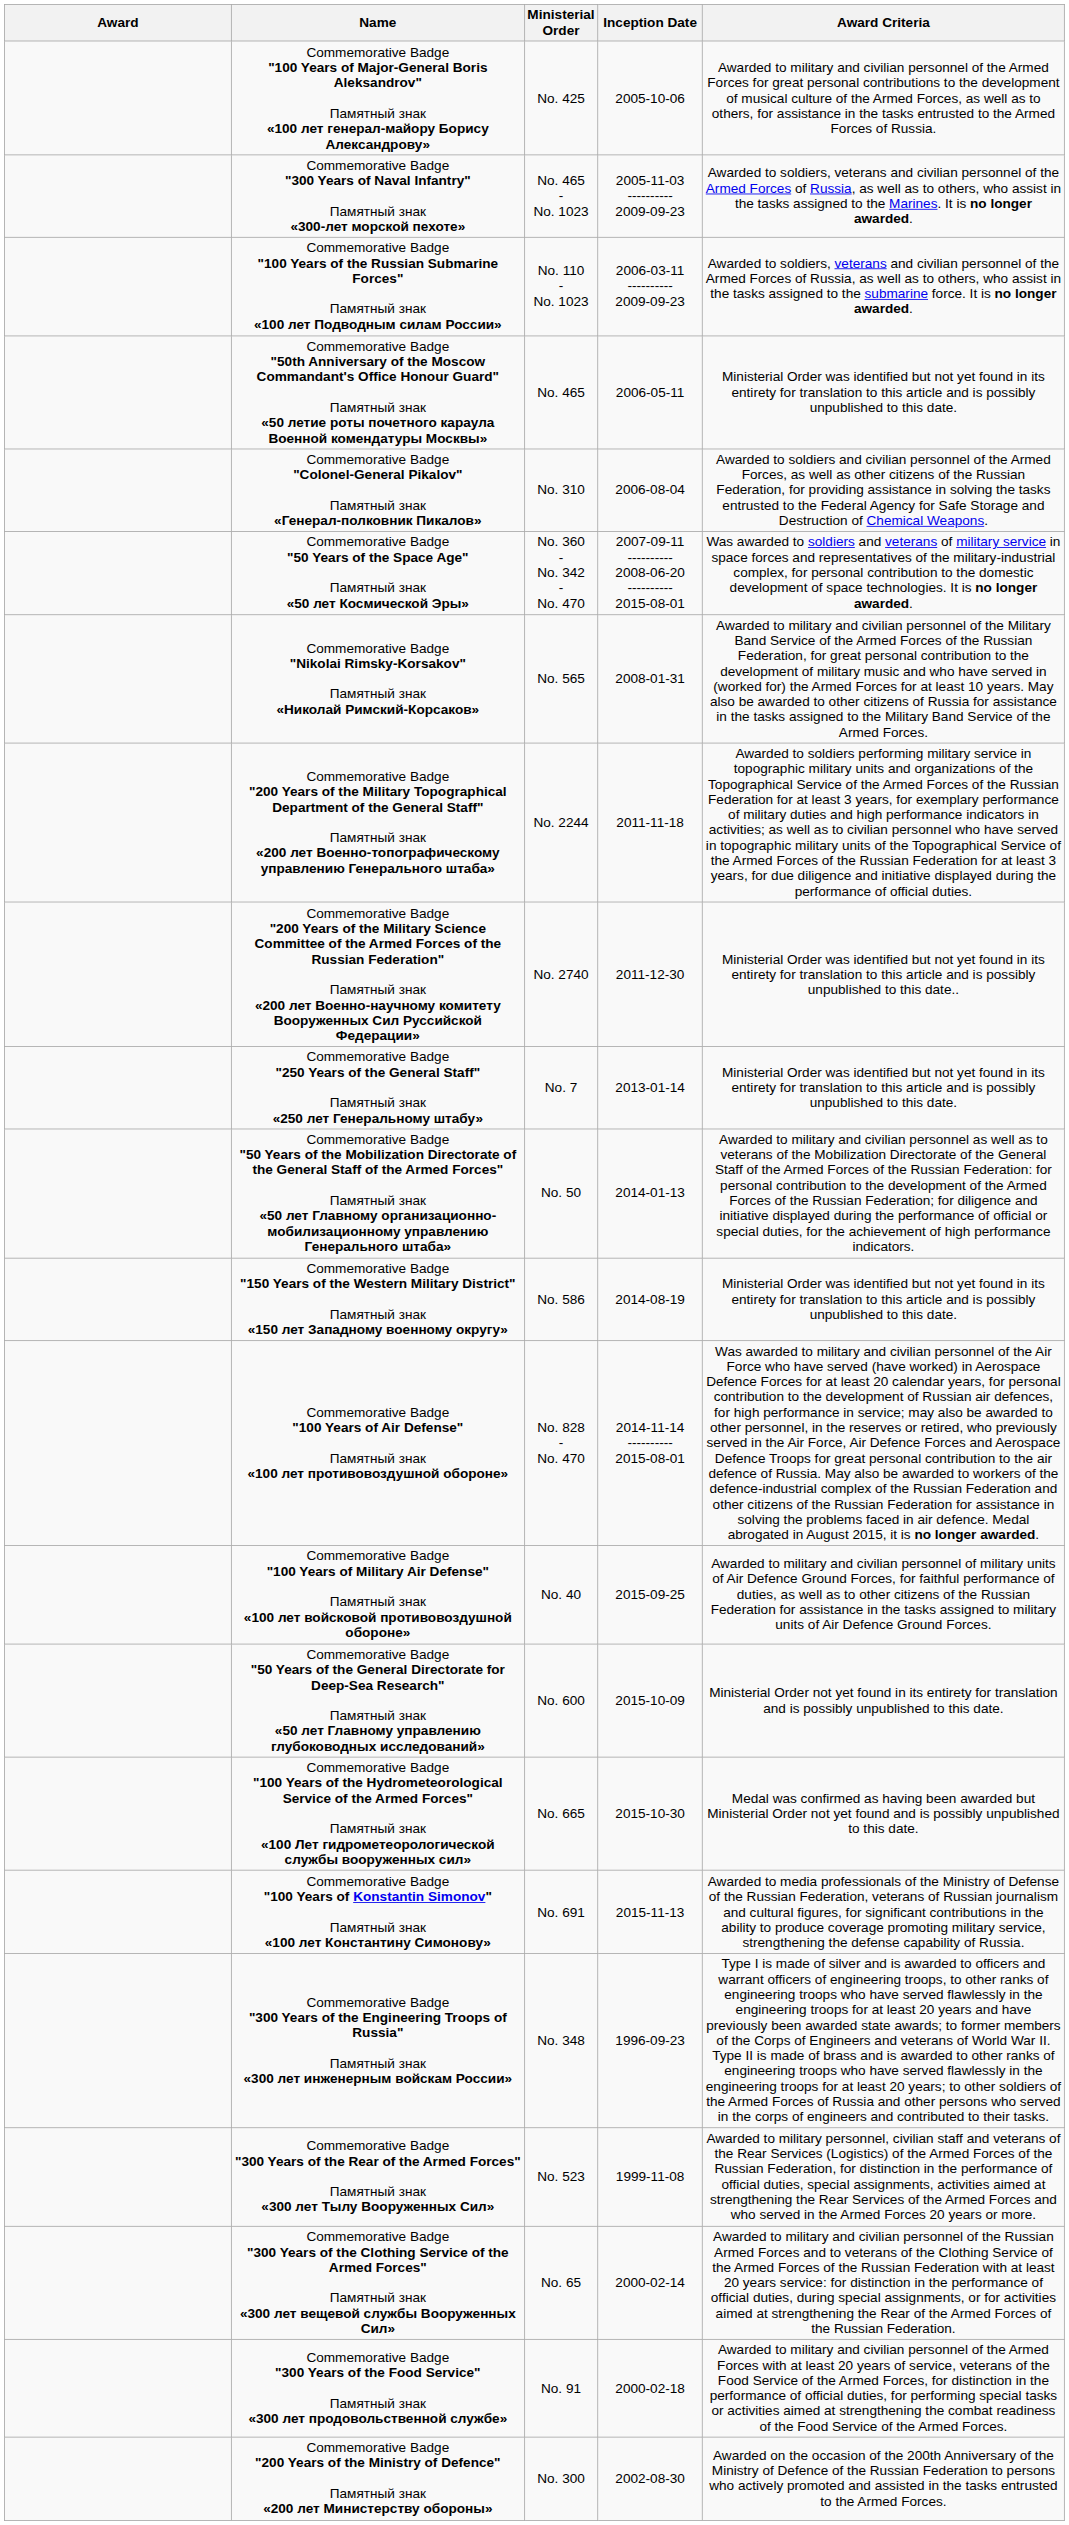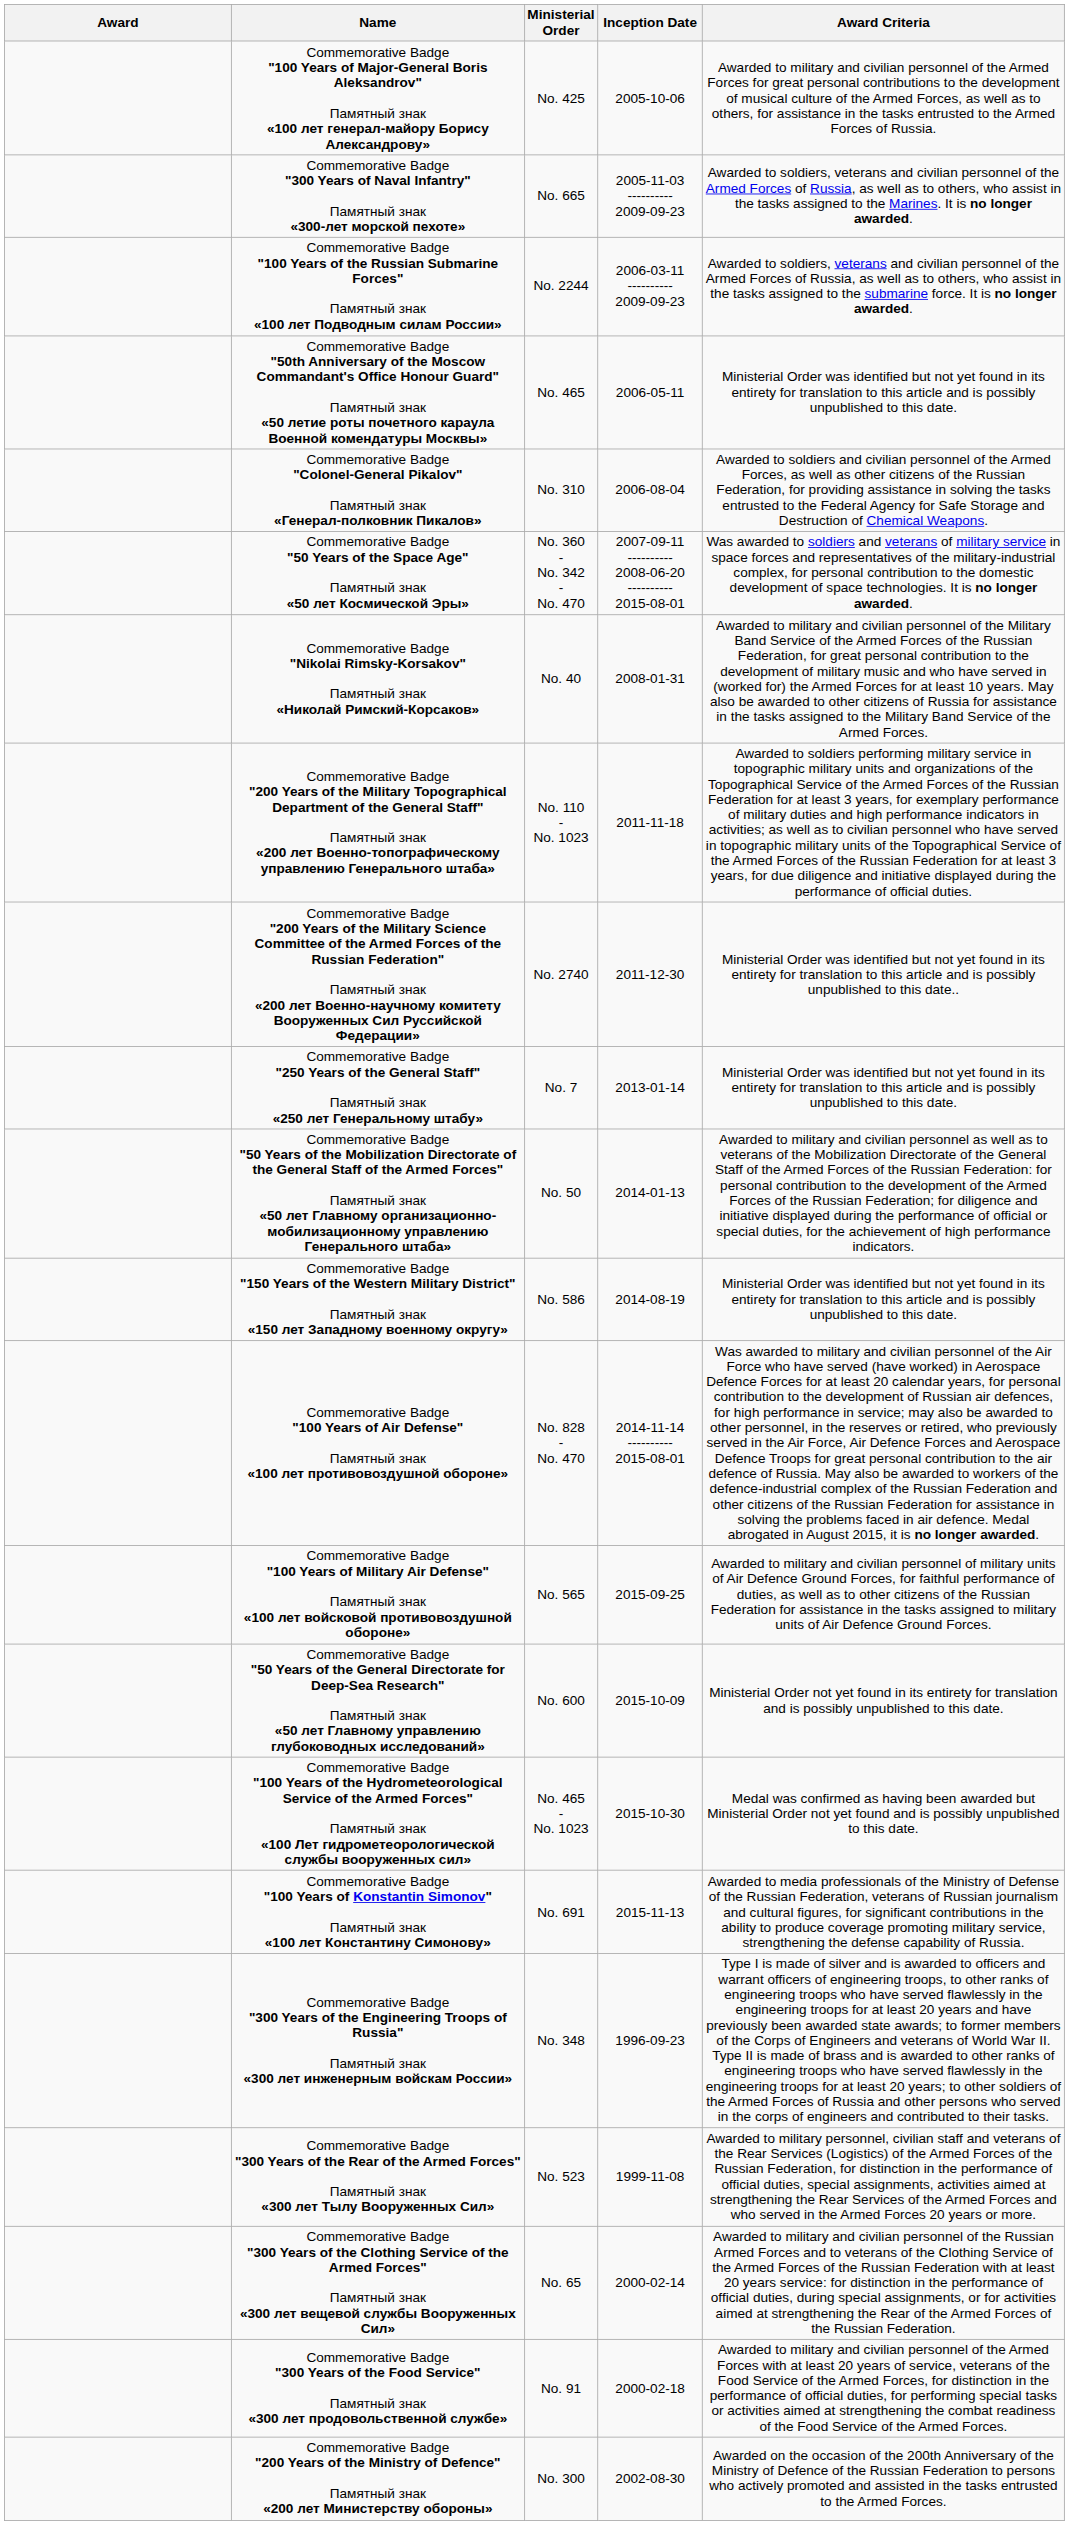 <table class="wikitable sortable" style="text-align:center">
 <tr>
 <th style="width:22%">Award</th>
 <th style="width:28%">Name </th>
 <th>Ministerial Order</th>
 <th style="width:10%">Inception Date</th>
 <th style="width:35%">Award Criteria</th>
 </tr>
 <tr>
 <td><br></td>
 <td>Commemorative Badge<br><strong>"100 Years of Major-General Boris Aleksandrov"</strong><br><br>Памятный знак<br><strong>«100 лет генерал-майору Борису Александрову»</strong></td>
 <td>No. 425</td>
 <td>2005-10-06</td>
 <td>Awarded to military and civilian personnel of the Armed Forces for great personal contributions to the development of musical culture of the Armed Forces, as well as to others, for assistance in the tasks entrusted to the Armed Forces of Russia.</td>
 </tr>
 <tr>
 <td><br></td>
 <td>Commemorative Badge<br><strong>"300 Years of Naval Infantry"</strong><br><br>Памятный знак<br><strong>«300-лет морской пехоте»</strong></td>
-<td>No. 465<br>-<br>No. 1023</td>
+<td>No. 665</td>
 <td>2005-11-03<br>----------<br>2009-09-23</td>
 <td>Awarded to soldiers, veterans and civilian personnel of the <a href='#'>Armed Forces</a> of <a href='#'>Russia</a>, as well as to others, who assist in the tasks assigned to the <a href='#'>Marines</a>. It is <strong>no longer awarded</strong>.</td>
 </tr>
 <tr>
 <td><br></td>
 <td>Commemorative Badge<br><strong>"100 Years of the Russian Submarine Forces"</strong><br><br>Памятный знак<br><strong>«100 лет Подводным силам России»</strong></td>
-<td>No. 110<br>-<br>No. 1023</td>
+<td>No. 2244</td>
 <td>2006-03-11<br>----------<br>2009-09-23</td>
 <td>Awarded to soldiers, <a href='#'>veterans</a> and civilian personnel of the Armed Forces of Russia, as well as to others, who assist in the tasks assigned to the <a href='#'>submarine</a> force. It is <strong>no longer awarded</strong>.</td>
 </tr>
 <tr>
 <td><br></td>
 <td>Commemorative Badge<br><strong>"50th Anniversary of the Moscow Commandant's Office Honour Guard"</strong><br><br>Памятный знак<br><strong>«50 летие роты почетного караула Военной комендатуры Москвы»</strong></td>
 <td>No. 465</td>
 <td>2006-05-11</td>
 <td>Ministerial Order was identified but not yet found in its entirety for translation to this article and is possibly unpublished to this date.</td>
 </tr>
 <tr>
 <td><br></td>
 <td>Commemorative Badge<br><strong>"Colonel-General Pikalov"</strong><br><br>Памятный знак<br><strong>«Генерал-полковник Пикалов»</strong></td>
 <td>No. 310</td>
 <td>2006-08-04</td>
 <td>Awarded to soldiers and civilian personnel of the Armed Forces, as well as other citizens of the Russian Federation, for providing assistance in solving the tasks entrusted to the Federal Agency for Safe Storage and Destruction of <a href='#'>Chemical Weapons</a>.</td>
 </tr>
 <tr>
 <td><br></td>
 <td>Commemorative Badge<br><strong>"50 Years of the Space Age"</strong><br><br>Памятный знак<br><strong>«50 лет Космической Эры»</strong></td>
 <td>No. 360<br>-<br>No. 342<br>-<br>No. 470</td>
 <td>2007-09-11<br>----------<br>2008-06-20<br>----------<br>2015-08-01</td>
 <td>Was awarded to <a href='#'>soldiers</a> and <a href='#'>veterans</a> of <a href='#'>military service</a> in space forces and representatives of the military-industrial complex, for personal contribution to the domestic development of space technologies. It is <strong>no longer awarded</strong>.</td>
 </tr>
 <tr>
 <td><br></td>
 <td>Commemorative Badge<br><strong>"Nikolai Rimsky-Korsakov"</strong><br><br>Памятный знак<br><strong>«Николай Римский-Корсаков»</strong></td>
-<td>No. 565</td>
+<td>No. 40</td>
 <td>2008-01-31</td>
 <td>Awarded to military and civilian personnel of the Military Band Service of the Armed Forces of the Russian Federation, for great personal contribution to the development of military music and who have served in (worked for) the Armed Forces for at least 10 years. May also be awarded to other citizens of Russia for assistance in the tasks assigned to the Military Band Service of the Armed Forces.</td>
 </tr>
 <tr>
 <td><br></td>
 <td>Commemorative Badge<br><strong>"200 Years of the Military Topographical Department of the General Staff"</strong><br><br>Памятный знак<br><strong>«200 лет Военно-топографическому управлению Генерального штаба»</strong></td>
-<td>No. 2244</td>
+<td>No. 110<br>-<br>No. 1023</td>
 <td>2011-11-18</td>
 <td>Awarded to soldiers performing military service in topographic military units and organizations of the Topographical Service of the Armed Forces of the Russian Federation for at least 3 years, for exemplary performance of military duties and high performance indicators in activities; as well as to civilian personnel who have served in topographic military units of the Topographical Service of the Armed Forces of the Russian Federation for at least 3 years, for due diligence and initiative displayed during the performance of official duties.</td>
 </tr>
 <tr>
 <td><br></td>
 <td>Commemorative Badge<br><strong>"200 Years of the Military Science Committee of the Armed Forces of the Russian Federation"</strong><br><br>Памятный знак<br><strong>«200 лет Военно-научному комитету Вооруженных Сил Руссийской Федерации»</strong></td>
 <td>No. 2740</td>
 <td>2011-12-30</td>
 <td>Ministerial Order was identified but not yet found in its entirety for translation to this article and is possibly unpublished to this date..</td>
 </tr>
 <tr>
 <td><br></td>
 <td>Commemorative Badge<br><strong>"250 Years of the General Staff"</strong><br><br>Памятный знак<br><strong>«250 лет Генеральному штабу»</strong></td>
 <td>No. 7</td>
 <td>2013-01-14</td>
 <td>Ministerial Order was identified but not yet found in its entirety for translation to this article and is possibly unpublished to this date.</td>
 </tr>
 <tr>
 <td><br></td>
 <td>Commemorative Badge<br><strong>"50 Years of the Mobilization Directorate of the General Staff of the Armed Forces"</strong><br><br>Памятный знак<br><strong>«50 лет Главному организационно-мобилизационному управлению Генерального штаба»</strong></td>
 <td>No. 50</td>
 <td>2014-01-13</td>
 <td>Awarded to military and civilian personnel as well as to veterans of the Mobilization Directorate of the General Staff of the Armed Forces of the Russian Federation: for personal contribution to the development of the Armed Forces of the Russian Federation; for diligence and initiative displayed during the performance of official or special duties, for the achievement of high performance indicators.</td>
 </tr>
 <tr>
 <td><br></td>
 <td>Commemorative Badge<br><strong>"150 Years of the Western Military District"</strong><br><br>Памятный знак<br><strong>«150 лет Западному военному округу»</strong></td>
 <td>No. 586</td>
 <td>2014-08-19</td>
 <td>Ministerial Order was identified but not yet found in its entirety for translation to this article and is possibly unpublished to this date.</td>
 </tr>
 <tr>
 <td><br></td>
 <td>Commemorative Badge<br><strong>"100 Years of Air Defense"</strong><br><br>Памятный знак<br><strong>«100 лет противовоздушной оборонe»</strong></td>
 <td>No. 828<br>-<br>No. 470</td>
 <td>2014-11-14<br>----------<br>2015-08-01</td>
 <td>Was awarded to military and civilian personnel of the Air Force who have served (have worked) in Aerospace Defence Forces for at least 20 calendar years, for personal contribution to the development of Russian air defences, for high performance in service; may also be awarded to other personnel, in the reserves or retired, who previously served in the Air Force, Air Defence Forces and Aerospace Defence Troops for great personal contribution to the air defence of Russia. May also be awarded to workers of the defence-industrial complex of the Russian Federation and other citizens of the Russian Federation for assistance in solving the problems faced in air defence. Medal abrogated in August 2015, it is <strong>no longer awarded</strong>.</td>
 </tr>
 <tr>
 <td><br></td>
 <td>Commemorative Badge<br><strong>"100 Years of Military Air Defense"</strong><br><br>Памятный знак<br><strong>«100 лет войсковой противовоздушной обороне»</strong></td>
-<td>No. 40</td>
+<td>No. 565</td>
 <td>2015-09-25</td>
 <td>Awarded to military and civilian personnel of military units of Air Defence Ground Forces, for faithful performance of duties, as well as to other citizens of the Russian Federation for assistance in the tasks assigned to military units of Air Defence Ground Forces.</td>
 </tr>
 <tr>
 <td><br></td>
 <td>Commemorative Badge<br><strong>"50 Years of the General Directorate for Deep-Sea Research"</strong><br><br>Памятный знак<br><strong>«50 лет Главному управлению глубоководных исследований»</strong></td>
 <td>No. 600</td>
 <td>2015-10-09</td>
 <td>Ministerial Order not yet found in its entirety for translation and is possibly unpublished to this date.</td>
 </tr>
 <tr>
 <td><br></td>
 <td>Commemorative Badge<br><strong>"100 Years of the Hydrometeorological Service of the Armed Forces"</strong><br><br>Памятный знак<br><strong>«100 Лет гидрометеорологической службы вооруженных сил»</strong></td>
-<td>No. 665</td>
+<td>No. 465<br>-<br>No. 1023</td>
 <td>2015-10-30</td>
 <td>Medal was confirmed as having been awarded but Ministerial Order not yet found and is possibly unpublished to this date.</td>
 </tr>
 <tr>
 <td><br></td>
 <td>Commemorative Badge<br><strong>"100 Years of <a href='#'>Konstantin Simonov</a>"</strong><br><br>Памятный знак<br><strong>«100 лет Константину Симонову»</strong></td>
 <td>No. 691</td>
 <td>2015-11-13</td>
 <td>Awarded to media professionals of the Ministry of Defense of the Russian Federation, veterans of Russian journalism and cultural figures, for significant contributions in the ability to produce coverage promoting military service, strengthening the defense capability of Russia.</td>
 </tr>
 <tr>
 <td></td>
 <td>Commemorative Badge<br><strong>"300 Years of the Engineering Troops of Russia"</strong><br><br>Памятный знак<br><strong>«300 лет инженерным войскам России»</strong></td>
 <td>No. 348</td>
 <td>1996-09-23</td>
 <td>Type I is made of silver and is awarded to officers and warrant officers of engineering troops, to other ranks of engineering troops who have served flawlessly in the engineering troops for at least 20 years and have previously been awarded state awards; to former members of the Corps of Engineers and veterans of World War II. Type II is made of brass and is awarded to other ranks of engineering troops who have served flawlessly in the engineering troops for at least 20 years; to other soldiers of the Armed Forces of Russia and other persons who served in the corps of engineers and contributed to their tasks.</td>
 </tr>
 <tr>
 <td></td>
 <td>Commemorative Badge<br><strong>"300 Years of the Rear of the Armed Forces" </strong><br><br>Памятный знак<br><strong>«300 лет Тылу Вооруженных Сил»</strong></td>
 <td>No. 523</td>
 <td>1999-11-08</td>
 <td>Awarded to military personnel, civilian staff and veterans of the Rear Services (Logistics) of the Armed Forces of the Russian Federation, for distinction in the performance of official duties, special assignments, activities aimed at strengthening the Rear Services of the Armed Forces and who served in the Armed Forces 20 years or more.</td>
 </tr>
 <tr>
 <td></td>
 <td>Commemorative Badge<br><strong>"300 Years of the Clothing Service of the Armed Forces" </strong><br><br>Памятный знак<br><strong>«300 лет вещевой службы Вооруженных Сил»</strong></td>
 <td>No. 65</td>
 <td>2000-02-14</td>
 <td>Awarded to military and civilian personnel of the Russian Armed Forces and to veterans of the Clothing Service of the Armed Forces of the Russian Federation with at least 20 years service: for distinction in the performance of official duties, during special assignments, or for activities aimed at strengthening the Rear of the Armed Forces of the Russian Federation.</td>
 </tr>
 <tr>
 <td></td>
 <td>Commemorative Badge<br><strong>"300 Years of the Food Service" </strong><br><br>Памятный знак<br><strong>«300 лет продовольственной службе»</strong></td>
 <td>No. 91</td>
 <td>2000-02-18</td>
 <td>Awarded to military and civilian personnel of the Armed Forces with at least 20 years of service, veterans of the Food Service of the Armed Forces, for distinction in the performance of official duties, for performing special tasks or activities aimed at strengthening the combat readiness of the Food Service of the Armed Forces.</td>
 </tr>
 <tr>
 <td></td>
 <td>Commemorative Badge<br><strong>"200 Years of the Ministry of Defence"</strong><br><br>Памятный знак<br><strong>«200 лет Министерству обороны»</strong></td>
 <td>No. 300</td>
 <td>2002-08-30</td>
 <td>Awarded on the occasion of the 200th Anniversary of the Ministry of Defence of the Russian Federation to persons who actively promoted and assisted in the tasks entrusted to the Armed Forces.</td>
 </tr>
 </table>
